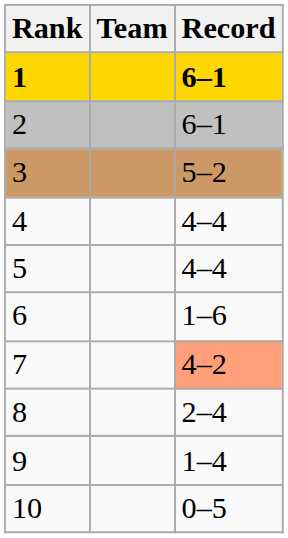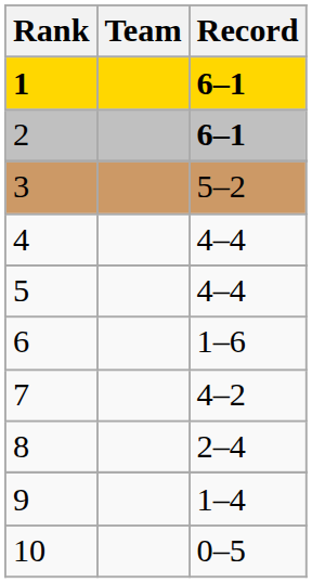 <table class="wikitable">
 <tr>
 <th>Rank</th>
 <th>Team</th>
 <th>Record</th>
 </tr>
 <tr bgcolor=gold>
 <td><strong>1</strong></td>
 <td><strong></strong></td>
 <td><strong>6–1</strong></td>
 </tr>
 <tr bgcolor=silver>
 <td>2</td>
 <td></td>
-<td>6–1</td>
+<td><strong>6–1</strong></td>
 </tr>
 <tr>
 </tr>
 <tr bgcolor=cc9966>
 <td>3</td>
 <td></td>
 <td>5–2</td>
 </tr>
 <tr>
 <td>4</td>
 <td></td>
 <td>4–4</td>
 </tr>
 <tr>
 </tr>
 <tr>
 <td>5</td>
 <td></td>
 <td>4–4</td>
 </tr>
 <tr>
 <td>6</td>
 <td></td>
 <td>1–6</td>
 </tr>
 <tr>
 <td>7</td>
 <td></td>
-<td style="background: lightsalmon;">4–2</td>
+<td>4–2</td>
 </tr>
 <tr>
 <td>8</td>
 <td></td>
 <td>2–4</td>
 </tr>
 <tr>
 </tr>
 <tr>
 <td>9</td>
 <td></td>
 <td>1–4</td>
 </tr>
 <tr>
 <td>10</td>
 <td></td>
 <td>0–5</td>
 </tr>
 </table>
